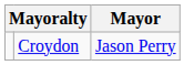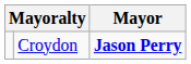 <table class="wikitable">
 <tr>
 <th colspan="2">Mayoralty</th>
 <th>Mayor</th>
 </tr>
 <tr>
 <td width="1" style="color:inherit;background:"></td>
 <td><a href='#'>Croydon</a></td>
-<td><a href='#'>Jason Perry</a></td>
+<td><strong><a href='#'>Jason Perry</a></strong></td>
 </tr>
 </table>
